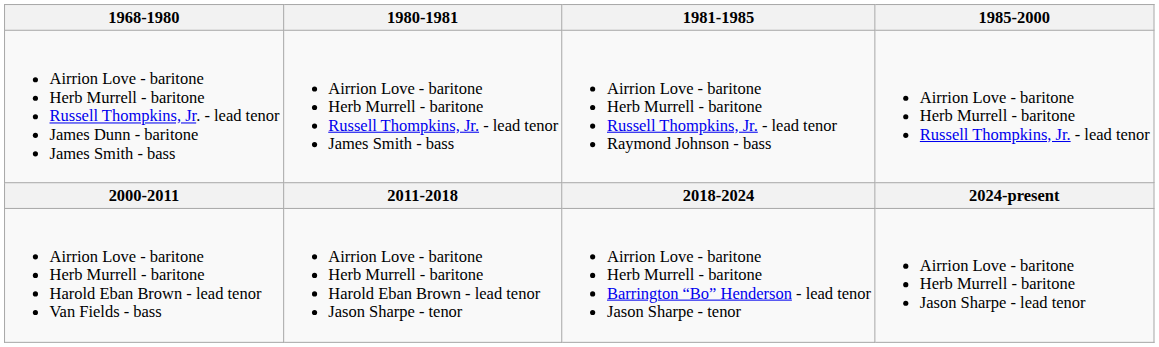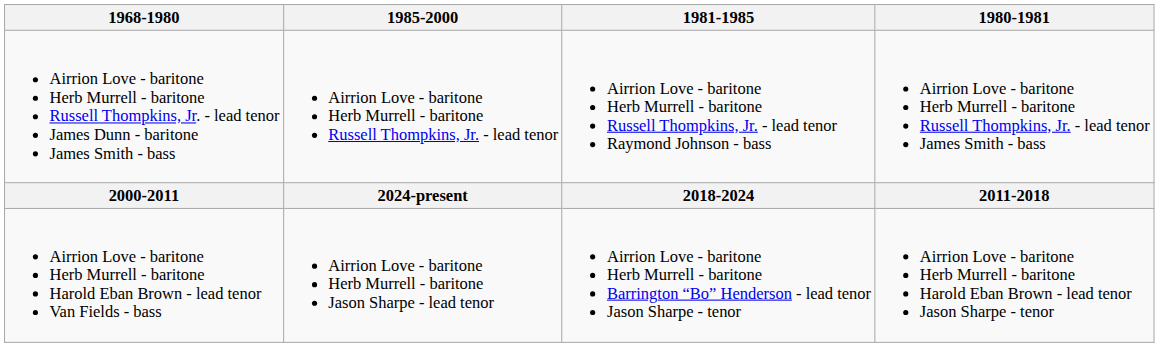 <table class="wikitable">
 <tr>
 <th>1968-1980</th>
+<th>1985-2000</th>
+<th>1981-1985</th>
 <th>1980-1981</th>
-<th>1981-1985</th>
-<th>1985-2000</th>
 </tr>
 <tr>
 <td><br><ul><li>Airrion Love - baritone</li><li>Herb Murrell - baritone</li><li><a href='#'>Russell Thompkins, Jr</a>. - lead tenor</li><li>James Dunn - baritone</li><li>James Smith - bass</li></ul></td>
+<td><br><ul><li>Airrion Love - baritone</li><li>Herb Murrell - baritone</li><li><a href='#'>Russell Thompkins, Jr.</a> - lead tenor</li></ul></td>
+<td><br><ul><li>Airrion Love - baritone</li><li>Herb Murrell - baritone</li><li><a href='#'>Russell Thompkins, Jr.</a> - lead tenor</li><li>Raymond Johnson - bass</li></ul></td>
 <td><br><ul><li>Airrion Love - baritone</li><li>Herb Murrell - baritone</li><li><a href='#'>Russell Thompkins, Jr.</a> - lead tenor</li><li>James Smith - bass</li></ul></td>
-<td><br><ul><li>Airrion Love - baritone</li><li>Herb Murrell - baritone</li><li><a href='#'>Russell Thompkins, Jr.</a> - lead tenor</li><li>Raymond Johnson - bass</li></ul></td>
-<td><br><ul><li>Airrion Love - baritone</li><li>Herb Murrell - baritone</li><li><a href='#'>Russell Thompkins, Jr.</a> - lead tenor</li></ul></td>
 </tr>
 <tr>
 <th>2000-2011</th>
+<th>2024-present</th>
+<th>2018-2024</th>
 <th>2011-2018</th>
-<th>2018-2024</th>
-<th>2024-present</th>
 </tr>
 <tr>
 <td><br><ul><li>Airrion Love - baritone</li><li>Herb Murrell - baritone</li><li>Harold Eban Brown - lead tenor</li><li>Van Fields - bass</li></ul></td>
+<td><br><ul><li>Airrion Love - baritone</li><li>Herb Murrell - baritone</li><li>Jason Sharpe - lead tenor</li></ul></td>
+<td><br><ul><li>Airrion Love - baritone</li><li>Herb Murrell - baritone</li><li><a href='#'>Barrington “Bo” Henderson</a> - lead tenor</li><li>Jason Sharpe - tenor</li></ul></td>
 <td><br><ul><li>Airrion Love - baritone</li><li>Herb Murrell - baritone</li><li>Harold Eban Brown - lead tenor</li><li>Jason Sharpe - tenor</li></ul></td>
-<td><br><ul><li>Airrion Love - baritone</li><li>Herb Murrell - baritone</li><li><a href='#'>Barrington “Bo” Henderson</a> - lead tenor</li><li>Jason Sharpe - tenor</li></ul></td>
-<td><br><ul><li>Airrion Love - baritone</li><li>Herb Murrell - baritone</li><li>Jason Sharpe - lead tenor</li></ul></td>
 </tr>
 </table>
